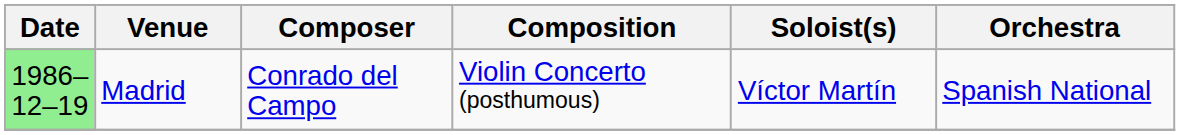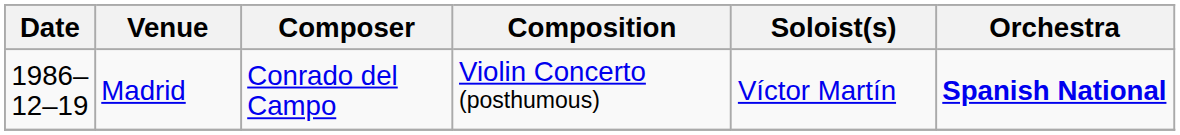 <table class="wikitable" style="font-size:90%">
 <tr>
 <th>Date</th>
 <th width=125px>Venue</th>
 <th width=175px>Composer</th>
 <th width=250px>Composition</th>
 <th width=175px>Soloist(s)</th>
 <th width=225px>Orchestra</th>
 </tr>
 <tr>
-<td style="background: lightgreen;">1986–12–19 </td>
+<td>1986–12–19 </td>
 <td><a href='#'>Madrid</a></td>
 <td><a href='#'>Conrado del Campo</a></td>
 <td><a href='#'>Violin Concerto</a> <sup>(posthumous)</sup></td>
 <td><a href='#'>Víctor Martín</a></td>
-<td><a href='#'>Spanish National</a></td>
+<td><strong><a href='#'>Spanish National</a></strong></td>
 </tr>
 <tr>
 </tr>
 </table>
